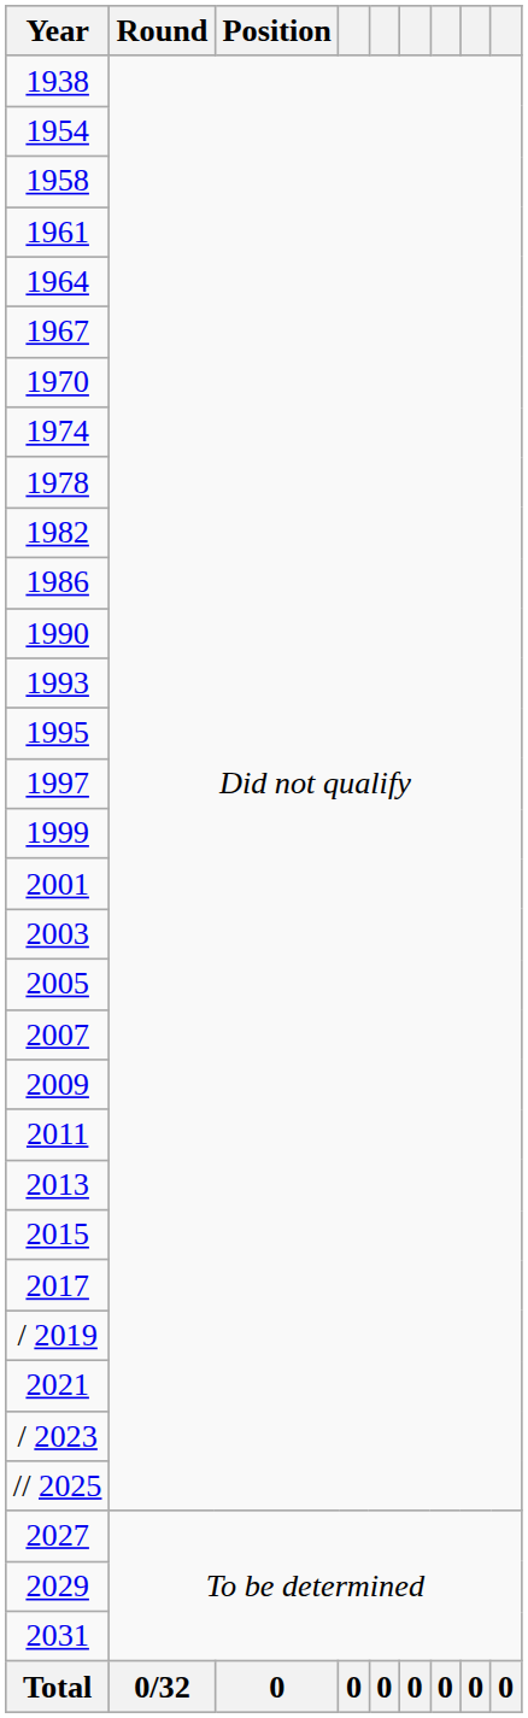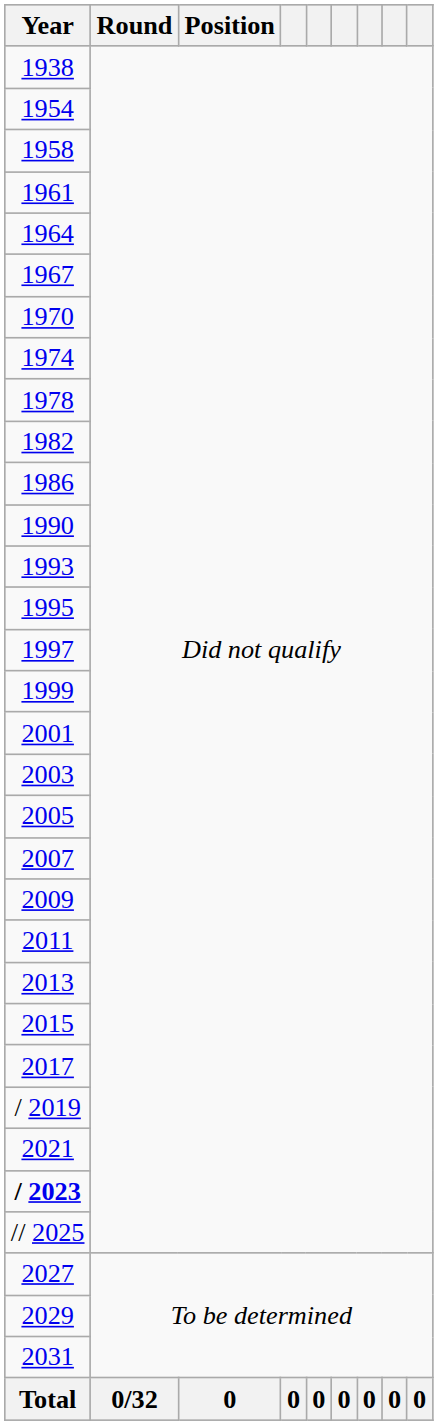 <table class="wikitable" style="text-align: center;">
 <tr>
 <th>Year</th>
 <th>Round</th>
 <th>Position</th>
 <th></th>
 <th></th>
 <th></th>
 <th></th>
 <th></th>
 <th></th>
 </tr>
 <tr>
 <td> <a href='#'>1938</a></td>
 <td rowspan=29 colspan=8><em>Did not qualify</em></td>
 </tr>
 <tr>
 <td> <a href='#'>1954</a></td>
 </tr>
 <tr>
 <td> <a href='#'>1958</a></td>
 </tr>
 <tr>
 <td> <a href='#'>1961</a></td>
 </tr>
 <tr>
 <td> <a href='#'>1964</a></td>
 </tr>
 <tr>
 <td> <a href='#'>1967</a></td>
 </tr>
 <tr>
 <td> <a href='#'>1970</a></td>
 </tr>
 <tr>
 <td> <a href='#'>1974</a></td>
 </tr>
 <tr>
 <td> <a href='#'>1978</a></td>
 </tr>
 <tr>
 <td> <a href='#'>1982</a></td>
 </tr>
 <tr>
 <td> <a href='#'>1986</a></td>
 </tr>
 <tr>
 <td> <a href='#'>1990</a></td>
 </tr>
 <tr>
 <td> <a href='#'>1993</a></td>
 </tr>
 <tr>
 <td> <a href='#'>1995</a></td>
 </tr>
 <tr>
 <td> <a href='#'>1997</a></td>
 </tr>
 <tr>
 <td> <a href='#'>1999</a></td>
 </tr>
 <tr>
 <td> <a href='#'>2001</a></td>
 </tr>
 <tr>
 <td> <a href='#'>2003</a></td>
 </tr>
 <tr>
 <td> <a href='#'>2005</a></td>
 </tr>
 <tr>
 <td> <a href='#'>2007</a></td>
 </tr>
 <tr>
 <td> <a href='#'>2009</a></td>
 </tr>
 <tr>
 <td> <a href='#'>2011</a></td>
 </tr>
 <tr>
 <td> <a href='#'>2013</a></td>
 </tr>
 <tr>
 <td> <a href='#'>2015</a></td>
 </tr>
 <tr>
 <td> <a href='#'>2017</a></td>
 </tr>
 <tr>
 <td>/ <a href='#'>2019</a></td>
 </tr>
 <tr>
 <td> <a href='#'>2021</a></td>
 </tr>
 <tr>
-<td>/ <a href='#'>2023</a></td>
+<td><strong>/ <a href='#'>2023</a></strong></td>
 </tr>
 <tr>
 <td>// <a href='#'>2025</a></td>
 </tr>
 <tr>
 <td> <a href='#'>2027</a></td>
 <td rowspan=3 colspan=8><em>To be determined</em></td>
 </tr>
 <tr>
 <td>  <a href='#'>2029</a></td>
 </tr>
 <tr>
 <td>   <a href='#'>2031</a></td>
 </tr>
 <tr>
 <th>Total</th>
 <th>0/32</th>
 <th>0</th>
 <th>0</th>
 <th>0</th>
 <th>0</th>
 <th>0</th>
 <th>0</th>
 <th>0</th>
 </tr>
 </table>
